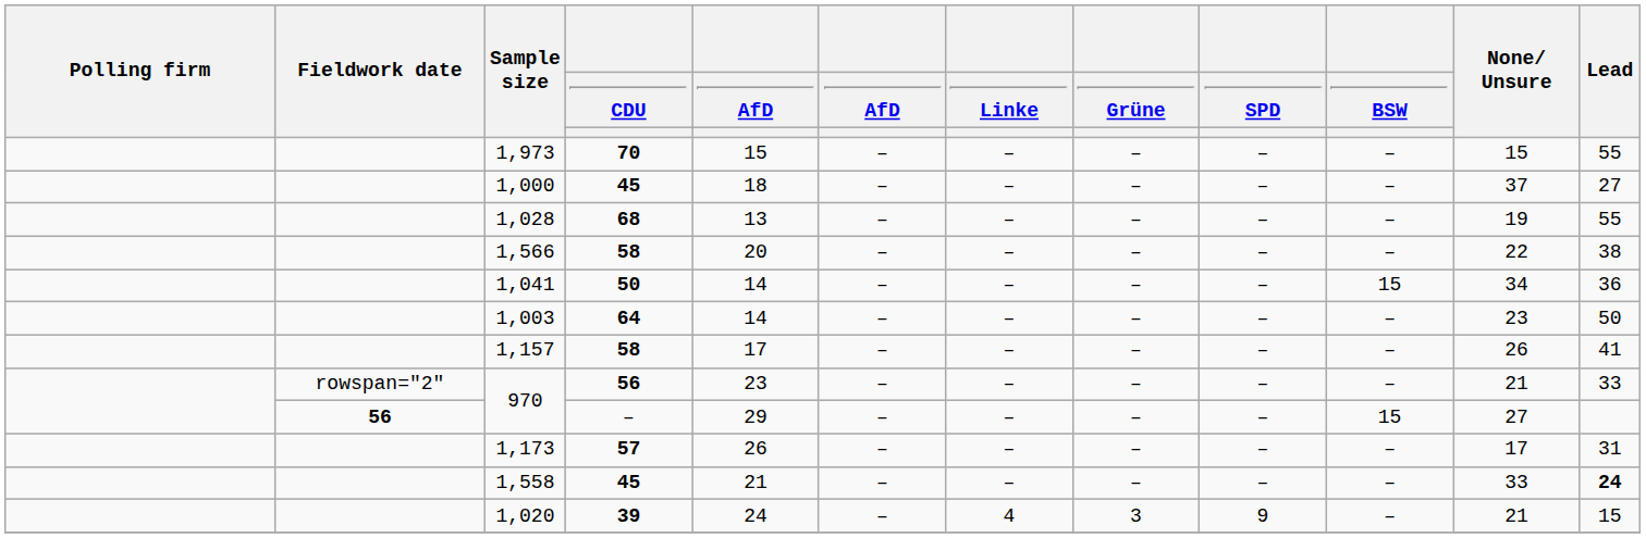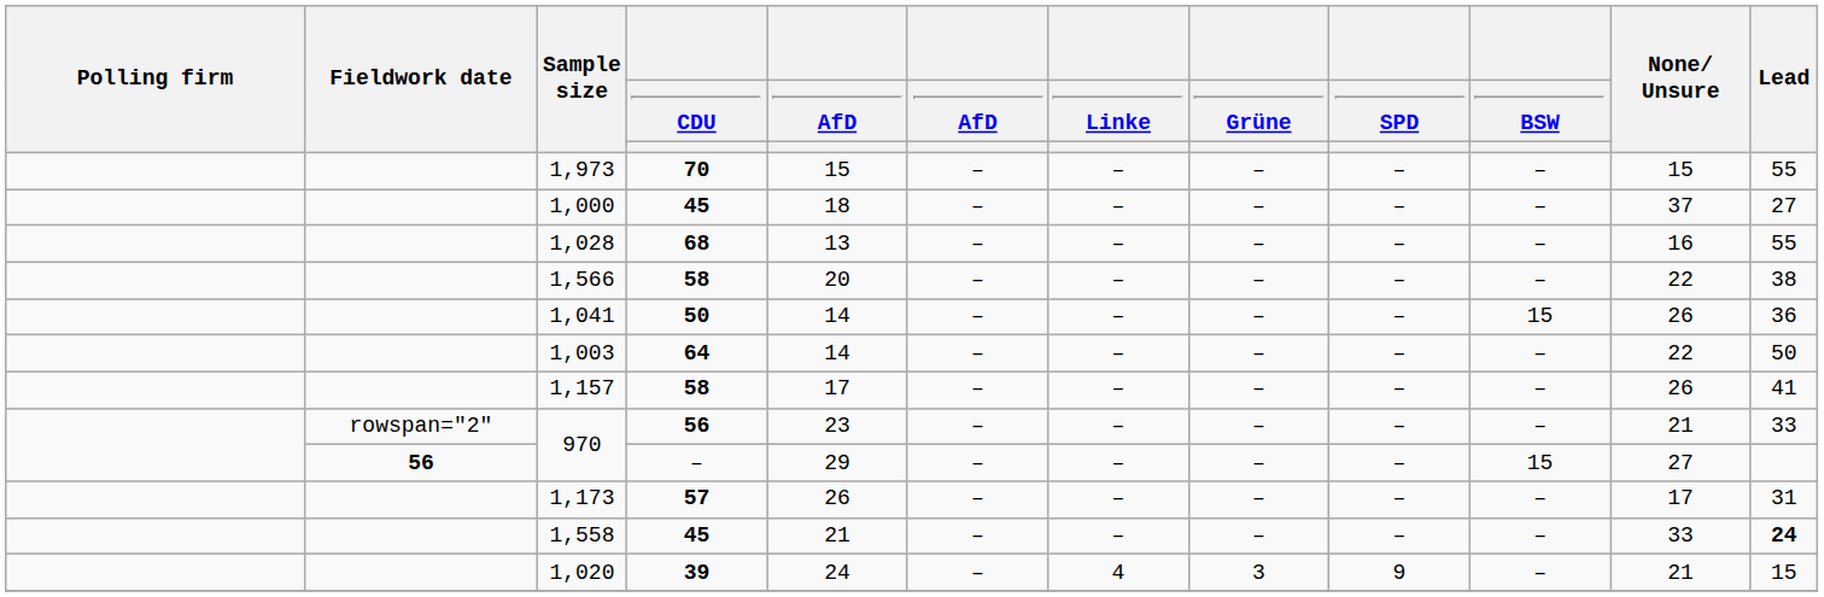 <table class="wikitable sortable" style="text-align:center;font-size:90%;line-height:14px;">
 <tr style="height:40px;">
 <th style="width:155px;" rowspan="3">Polling firm</th>
 <th style="width:120px;" rowspan="3">Fieldwork date</th>
 <th style="width:35px;" rowspan="3">Sample<br>size</th>
 <th class="unsortable" style="width:70px;"></th>
 <th class="unsortable" style="width:70px;"></th>
 <th class="unsortable" style="width:70px;"></th>
 <th class="unsortable" style="width:70px;"></th>
 <th class="unsortable" style="width:70px;"></th>
 <th class="unsortable" style="width:70px;"></th>
 <th class="unsortable" style="width:70px;"></th>
 <th class="unsortable" style="width:70px;" rowspan="3">None/<br>Unsure</th>
 <th style="width:30px;" rowspan="3">Lead</th>
 </tr>
 <tr>
 <th class="unsortable" style="width:40px;"><hr><a href='#'>CDU</a></th>
 <th class="unsortable" style="width:40px;"><hr><a href='#'>AfD</a></th>
 <th class="unsortable" style="width:40px;"><hr><a href='#'>AfD</a></th>
 <th class="unsortable" style="width:40px;"><hr><a href='#'>Linke</a></th>
 <th class="unsortable" style="width:40px;"><hr><a href='#'>Grüne</a></th>
 <th class="unsortable" style="width:40px;"><hr><a href='#'>SPD</a></th>
 <th class="unsortable" style="width:40px;"><hr><a href='#'>BSW</a></th>
 </tr>
 <tr>
 <th style="background:"></th>
 <th style="background:"></th>
 <th style="background:"></th>
 <th style="background:"></th>
 <th style="background:"></th>
 <th style="background:"></th>
 <th style="background:"></th>
 </tr>
 <tr>
 <td></td>
 <td></td>
 <td>1,973</td>
 <td><strong>70</strong></td>
 <td>15</td>
 <td>–</td>
 <td>–</td>
 <td>–</td>
 <td>–</td>
 <td>–</td>
 <td>15</td>
 <td style="background:">55</td>
 </tr>
 <tr>
 <td></td>
 <td></td>
 <td>1,000</td>
 <td><strong>45</strong></td>
 <td>18</td>
 <td>–</td>
 <td>–</td>
 <td>–</td>
 <td>–</td>
 <td>–</td>
 <td>37</td>
 <td style="background:">27</td>
 </tr>
 <tr>
 <td></td>
 <td></td>
 <td>1,028</td>
 <td><strong>68</strong></td>
 <td>13</td>
 <td>–</td>
 <td>–</td>
 <td>–</td>
 <td>–</td>
 <td>–</td>
-<td>19</td>
+<td>16</td>
 <td style="background:">55</td>
 </tr>
 <tr>
 <td></td>
 <td></td>
 <td>1,566</td>
 <td><strong>58</strong></td>
 <td>20</td>
 <td>–</td>
 <td>–</td>
 <td>–</td>
 <td>–</td>
 <td>–</td>
 <td>22</td>
 <td style="background:">38</td>
 </tr>
 <tr>
 <td></td>
 <td></td>
 <td>1,041</td>
 <td><strong>50</strong></td>
 <td>14</td>
 <td>–</td>
 <td>–</td>
 <td>–</td>
 <td>–</td>
 <td>15</td>
-<td>34</td>
+<td>26</td>
 <td style="background:">36</td>
 </tr>
 <tr>
 <td></td>
 <td></td>
 <td>1,003</td>
 <td><strong>64</strong></td>
 <td>14</td>
 <td>–</td>
 <td>–</td>
 <td>–</td>
 <td>–</td>
 <td>–</td>
-<td>23</td>
+<td>22</td>
 <td style="background:">50</td>
 </tr>
 <tr>
 <td></td>
 <td></td>
 <td>1,157</td>
 <td><strong>58</strong></td>
 <td>17</td>
 <td>–</td>
 <td>–</td>
 <td>–</td>
 <td>–</td>
 <td>–</td>
 <td>26</td>
 <td style="background:">41</td>
 </tr>
 <tr>
 <td rowspan="2"></td>
 <td>rowspan="2" </td>
 <td rowspan="2">970</td>
 <td><strong>56</strong></td>
 <td>23</td>
 <td>–</td>
 <td>–</td>
 <td>–</td>
 <td>–</td>
 <td>–</td>
 <td>21</td>
 <td style="background:">33</td>
 </tr>
 <tr>
 <td><strong>56</strong></td>
 <td>–</td>
 <td>29</td>
 <td>–</td>
 <td>–</td>
 <td>–</td>
 <td>–</td>
 <td>15</td>
 <td style="background:">27</td>
 </tr>
 <tr>
 <td></td>
 <td></td>
 <td>1,173</td>
 <td><strong>57</strong></td>
 <td>26</td>
 <td>–</td>
 <td>–</td>
 <td>–</td>
 <td>–</td>
 <td>–</td>
 <td>17</td>
 <td style="background:">31</td>
 </tr>
 <tr>
 <td></td>
 <td></td>
 <td>1,558</td>
 <td><strong>45</strong></td>
 <td>21</td>
 <td>–</td>
 <td>–</td>
 <td>–</td>
 <td>–</td>
 <td>–</td>
 <td>33</td>
 <td style="background:"><strong>24</strong></td>
 </tr>
 <tr>
 <td></td>
 <td></td>
 <td>1,020</td>
 <td><strong>39</strong></td>
 <td>24</td>
 <td>–</td>
 <td>4</td>
 <td>3</td>
 <td>9</td>
 <td>–</td>
 <td>21</td>
 <td style="background:">15</td>
 </tr>
 <tr>
 </tr>
 </table>
